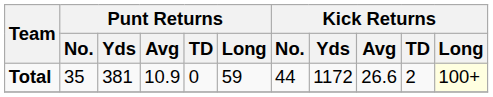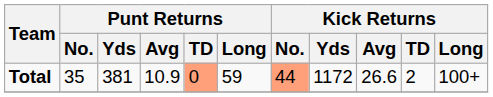 <table class="wikitable" style="white-space:nowrap;">
 <tr>
 <th rowspan="2">Team</th>
 <th colspan="5">Punt Returns</th>
 <th colspan="5">Kick Returns</th>
 </tr>
 <tr>
 <th>No.</th>
 <th>Yds</th>
 <th>Avg</th>
 <th>TD</th>
 <th>Long</th>
 <th>No.</th>
 <th>Yds</th>
 <th>Avg</th>
 <th>TD</th>
 <th>Long</th>
 </tr>
 <tr>
 <td><strong>Total</strong></td>
 <td>35</td>
 <td>381</td>
 <td>10.9</td>
-<td>0</td>
+<td style="background: lightsalmon;">0</td>
 <td>59</td>
-<td>44</td>
+<td style="background: lightsalmon;">44</td>
 <td>1172</td>
 <td>26.6</td>
 <td>2</td>
-<td style="background: lightyellow;">100+</td>
+<td>100+</td>
 </tr>
 <tr>
 </tr>
 </table>
